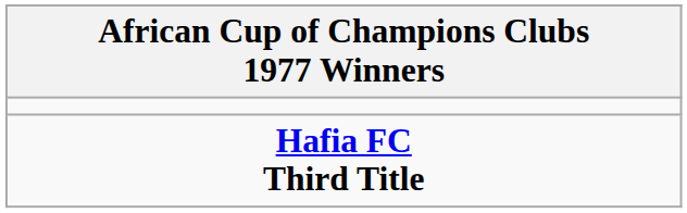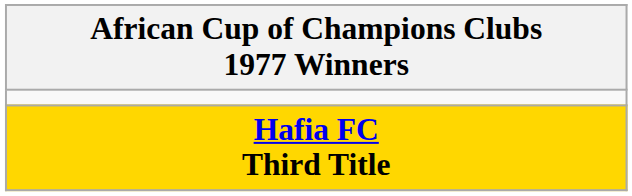 <table class="wikitable" style="text-align: center; margin: 0 auto; width: 20%">
 <tr>
 <th>African Cup of Champions Clubs<br>1977 Winners</th>
 </tr>
 <tr>
 <td></td>
 </tr>
 <tr>
-<td><strong><a href='#'>Hafia FC</a></strong><br><strong>Third Title</strong></td>
+<td style="background: gold;"><strong><a href='#'>Hafia FC</a></strong><br><strong>Third Title</strong></td>
 </tr>
 </table>
